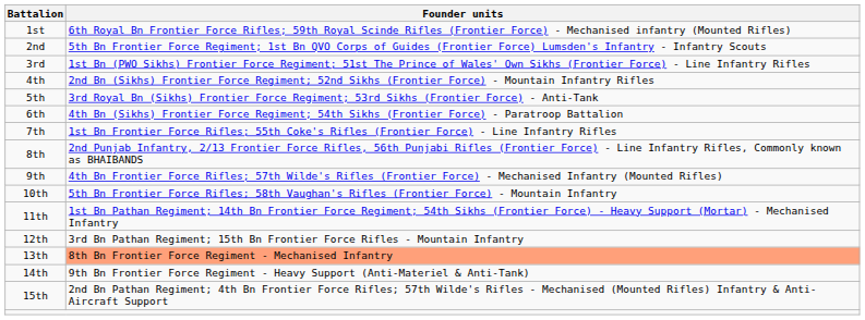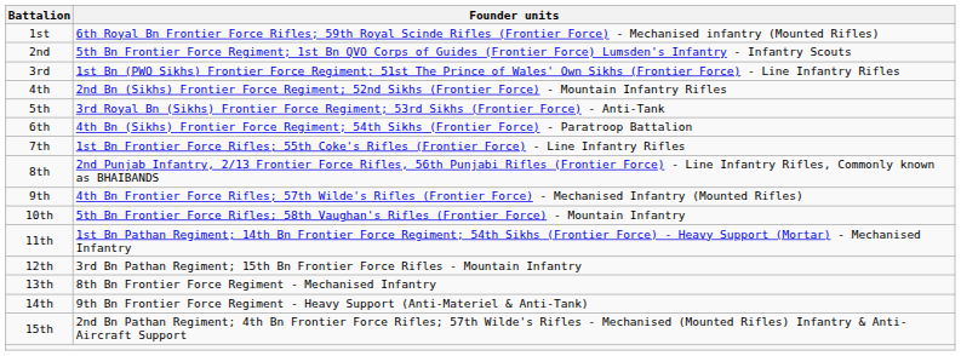 <table class="wikitable" style="margin:auto; width:85%;">
 <tr>
 <th>Battalion</th>
 <th>Founder units</th>
 </tr>
 <tr>
 <td style="text-align:center;">1st</td>
 <td><a href='#'>6th Royal Bn Frontier Force Rifles; 59th Royal Scinde Rifles (Frontier Force)</a> - Mechanised infantry (Mounted Rifles)</td>
 </tr>
 <tr>
 <td style="text-align:center;">2nd</td>
 <td><a href='#'>5th Bn Frontier Force Regiment; 1st Bn QVO Corps of Guides (Frontier Force) Lumsden's Infantry</a> - Infantry Scouts</td>
 </tr>
 <tr>
 <td style="text-align:center;">3rd</td>
 <td><a href='#'>1st Bn (PWO Sikhs) Frontier Force Regiment; 51st The Prince of Wales' Own Sikhs (Frontier Force)</a> - Line Infantry Rifles</td>
 </tr>
 <tr>
 <td style="text-align:center;">4th</td>
 <td><a href='#'>2nd Bn (Sikhs) Frontier Force Regiment; 52nd Sikhs (Frontier Force)</a> - Mountain Infantry Rifles</td>
 </tr>
 <tr>
 <td style="text-align:center;">5th</td>
 <td><a href='#'>3rd Royal Bn (Sikhs) Frontier Force Regiment; 53rd Sikhs (Frontier Force)</a> - Anti-Tank</td>
 </tr>
 <tr>
 <td style="text-align:center;">6th</td>
 <td><a href='#'>4th Bn (Sikhs) Frontier Force Regiment; 54th Sikhs (Frontier Force)</a> - Paratroop Battalion</td>
 </tr>
 <tr>
 <td style="text-align:center;">7th</td>
 <td><a href='#'>1st Bn Frontier Force Rifles; 55th Coke's Rifles (Frontier Force)</a> - Line Infantry Rifles</td>
 </tr>
 <tr>
 <td style="text-align:center;">8th</td>
 <td><a href='#'>2nd Punjab Infantry, 2/13 Frontier Force Rifles, 56th Punjabi Rifles (Frontier Force)</a> - Line Infantry Rifles, Commonly known as BHAIBANDS</td>
 </tr>
 <tr>
 <td style="text-align:center;">9th</td>
 <td><a href='#'>4th Bn Frontier Force Rifles; 57th Wilde's Rifles (Frontier Force)</a> - Mechanised Infantry (Mounted Rifles)</td>
 </tr>
 <tr>
 <td style="text-align:center;">10th</td>
 <td><a href='#'>5th Bn Frontier Force Rifles; 58th Vaughan's Rifles (Frontier Force)</a> - Mountain Infantry</td>
 </tr>
 <tr>
 <td style="text-align:center;">11th</td>
 <td><a href='#'>1st Bn Pathan Regiment; 14th Bn Frontier Force Regiment; 54th Sikhs (Frontier Force) - Heavy Support (Mortar)</a> - Mechanised Infantry</td>
 </tr>
 <tr>
 <td style="text-align:center;">12th</td>
 <td>3rd Bn Pathan Regiment; 15th Bn Frontier Force Rifles - Mountain Infantry</td>
 </tr>
 <tr>
 <td style="text-align:center;">13th</td>
-<td style="background: lightsalmon;">8th Bn Frontier Force Regiment - Mechanised Infantry</td>
+<td>8th Bn Frontier Force Regiment - Mechanised Infantry</td>
 </tr>
 <tr>
 <td style="text-align:center;">14th</td>
 <td>9th Bn Frontier Force Regiment - Heavy Support (Anti-Materiel & Anti-Tank)</td>
 </tr>
 <tr>
 <td style="text-align:center;">15th</td>
 <td>2nd Bn Pathan Regiment; 4th Bn Frontier Force Rifles; 57th Wilde's Rifles - Mechanised (Mounted Rifles) Infantry & Anti-Aircraft Support</td>
 </tr>
 <tr>
 <td colspan="2"></td>
 </tr>
 </table>
